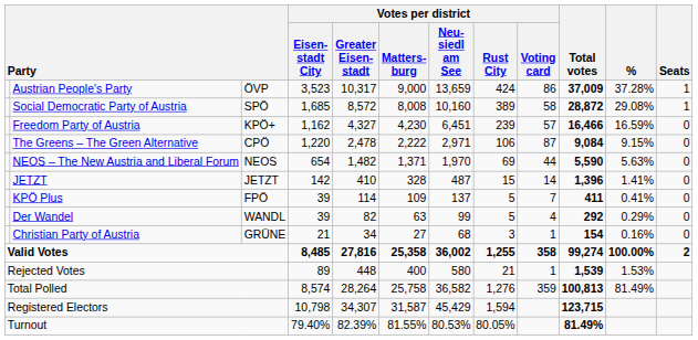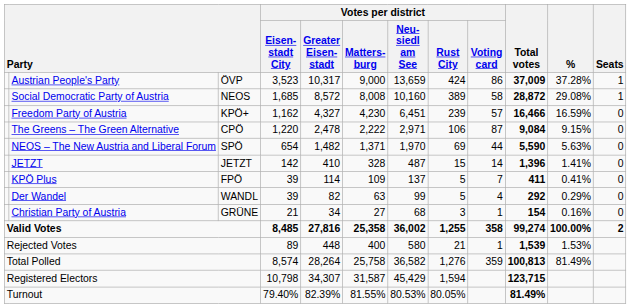 <table class="wikitable" border="1" style="text-align:right;">
 <tr>
 <th style="text-align:left;" valign=bottom rowspan=2 colspan=3>Party</th>
 <th colspan=6>Votes per district</th>
 <th align=center valign=bottom rowspan=2 width="50">Total<br>votes</th>
 <th align=center valign=bottom rowspan=2 width="50">%</th>
 <th align=center valign=bottom rowspan=2>Seats</th>
 </tr>
 <tr>
 <th align=center valign=bottom width="50"><a href='#'>Eisen-<br>stadt<br>City</a></th>
 <th align=center valign=bottom width="50"><a href='#'>Greater<br>Eisen-<br>stadt</a></th>
 <th align=center valign=bottom width="50"><a href='#'>Matters-<br>burg</a></th>
 <th align=center valign=bottom width="50"><a href='#'>Neu-<br>siedl<br>am See</a></th>
 <th align=center valign=bottom width="50"><a href='#'>Rust<br>City</a></th>
 <th align=center valign=bottom width="50"><a href='#'>Voting<br>card</a></th>
 </tr>
 <tr>
 <td></td>
 <td align=left><a href='#'>Austrian People's Party</a></td>
 <td align=left>ÖVP</td>
 <td>3,523</td>
 <td>10,317</td>
 <td>9,000</td>
 <td>13,659</td>
 <td>424</td>
 <td>86</td>
 <td><strong>37,009</strong></td>
 <td>37.28%</td>
 <td>1</td>
 </tr>
 <tr>
 <td></td>
 <td align=left><a href='#'>Social Democratic Party of Austria</a></td>
-<td align=left>SPÖ</td>
+<td align=left>NEOS</td>
 <td>1,685</td>
 <td>8,572</td>
 <td>8,008</td>
 <td>10,160</td>
 <td>389</td>
 <td>58</td>
 <td><strong>28,872</strong></td>
 <td>29.08%</td>
 <td>1</td>
 </tr>
 <tr>
 <td></td>
 <td align=left><a href='#'>Freedom Party of Austria</a></td>
 <td align=left>KPÖ+</td>
 <td>1,162</td>
 <td>4,327</td>
 <td>4,230</td>
 <td>6,451</td>
 <td>239</td>
 <td>57</td>
 <td><strong>16,466</strong></td>
 <td>16.59%</td>
 <td>0</td>
 </tr>
 <tr>
 <td></td>
 <td align=left><a href='#'>The Greens – The Green Alternative</a></td>
 <td align=left>CPÖ</td>
 <td>1,220</td>
 <td>2,478</td>
 <td>2,222</td>
 <td>2,971</td>
 <td>106</td>
 <td>87</td>
 <td><strong>9,084</strong></td>
 <td>9.15%</td>
 <td>0</td>
 </tr>
 <tr>
 <td></td>
 <td align=left style="white-space: nowrap;"><a href='#'>NEOS – The New Austria and Liberal Forum</a></td>
-<td align=left>NEOS</td>
+<td align=left>SPÖ</td>
 <td>654</td>
 <td>1,482</td>
 <td>1,371</td>
 <td>1,970</td>
 <td>69</td>
 <td>44</td>
 <td><strong>5,590</strong></td>
 <td>5.63%</td>
 <td>0</td>
 </tr>
 <tr>
 <td></td>
 <td align=left><a href='#'>JETZT</a></td>
 <td align=left>JETZT</td>
 <td>142</td>
 <td>410</td>
 <td>328</td>
 <td>487</td>
 <td>15</td>
 <td>14</td>
 <td><strong>1,396</strong></td>
 <td>1.41%</td>
 <td>0</td>
 </tr>
 <tr>
 <td></td>
 <td align=left><a href='#'>KPÖ Plus</a></td>
 <td align=left>FPÖ</td>
 <td>39</td>
 <td>114</td>
 <td>109</td>
 <td>137</td>
 <td>5</td>
 <td>7</td>
 <td><strong>411</strong></td>
 <td>0.41%</td>
 <td>0</td>
 </tr>
 <tr>
 <td></td>
 <td align=left><a href='#'>Der Wandel</a></td>
 <td align=left>WANDL</td>
 <td>39</td>
 <td>82</td>
 <td>63</td>
 <td>99</td>
 <td>5</td>
 <td>4</td>
 <td><strong>292</strong></td>
 <td>0.29%</td>
 <td>0</td>
 </tr>
 <tr>
 <td></td>
 <td align=left><a href='#'>Christian Party of Austria</a></td>
 <td align=left>GRÜNE</td>
 <td>21</td>
 <td>34</td>
 <td>27</td>
 <td>68</td>
 <td>3</td>
 <td>1</td>
 <td><strong>154</strong></td>
 <td>0.16%</td>
 <td>0</td>
 </tr>
 <tr style="font-weight:bold">
 <td align=left colspan=3>Valid Votes</td>
 <td>8,485</td>
 <td>27,816</td>
 <td>25,358</td>
 <td>36,002</td>
 <td>1,255</td>
 <td>358</td>
 <td>99,274</td>
 <td>100.00%</td>
 <td>2</td>
 </tr>
 <tr>
 <td align=left colspan=3>Rejected Votes</td>
 <td>89</td>
 <td>448</td>
 <td>400</td>
 <td>580</td>
 <td>21</td>
 <td>1</td>
 <td><strong>1,539</strong></td>
 <td>1.53%</td>
 <td></td>
 </tr>
 <tr>
 <td align=left colspan=3>Total Polled</td>
 <td>8,574</td>
 <td>28,264</td>
 <td>25,758</td>
 <td>36,582</td>
 <td>1,276</td>
 <td>359</td>
 <td><strong>100,813</strong></td>
 <td>81.49%</td>
 <td></td>
 </tr>
 <tr>
 <td align=left colspan=3>Registered Electors</td>
 <td>10,798</td>
 <td>34,307</td>
 <td>31,587</td>
 <td>45,429</td>
 <td>1,594</td>
 <td></td>
 <td><strong>123,715</strong></td>
 <td></td>
 <td></td>
 </tr>
 <tr>
 <td align=left colspan=3>Turnout</td>
 <td>79.40%</td>
 <td>82.39%</td>
 <td>81.55%</td>
 <td>80.53%</td>
 <td>80.05%</td>
 <td></td>
 <td><strong>81.49%</strong></td>
 <td></td>
 <td></td>
 </tr>
 </table>
